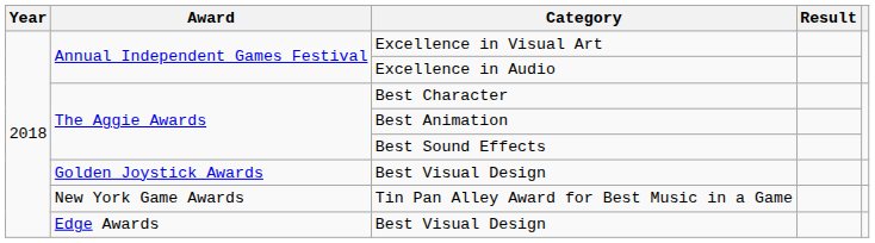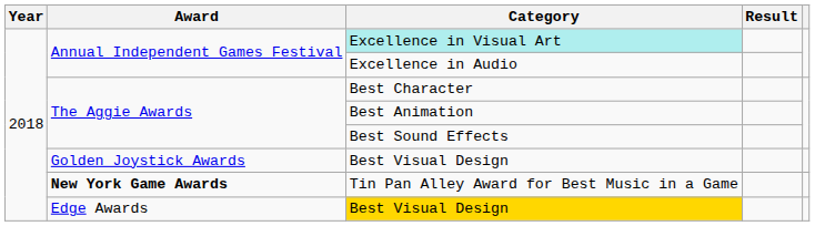 <table class="wikitable sortable">
 <tr>
 <th>Year</th>
 <th>Award</th>
 <th>Category</th>
 <th>Result</th>
 <th></th>
 </tr>
 <tr>
 <td style="text-align:center;"  rowspan="8">2018</td>
 <td rowspan="2"><a href='#'>Annual Independent Games Festival</a></td>
-<td>Excellence in Visual Art</td>
+<td style="background: paleturquoise;">Excellence in Visual Art</td>
 <td></td>
 <td style="text-align:center;" rowspan="2"></td>
 </tr>
 <tr>
 <td>Excellence in Audio</td>
 <td></td>
 </tr>
 <tr>
 <td rowspan="3"><a href='#'>The Aggie Awards</a></td>
 <td>Best Character</td>
 <td></td>
 <td style="text-align:center;" rowspan="3"></td>
 </tr>
 <tr>
 <td>Best Animation</td>
 <td></td>
 </tr>
 <tr>
 <td>Best Sound Effects</td>
 <td></td>
 </tr>
 <tr>
 <td><a href='#'>Golden Joystick Awards</a></td>
 <td>Best Visual Design</td>
 <td></td>
 <td style="text-align:center;"></td>
 </tr>
 <tr>
-<td>New York Game Awards</td>
+<td><strong>New York Game Awards</strong></td>
 <td>Tin Pan Alley Award for Best Music in a Game</td>
 <td></td>
 <td style="text-align:center;"></td>
 </tr>
 <tr>
 <td><a href='#'>Edge</a> Awards</td>
-<td>Best Visual Design</td>
+<td style="background: gold;">Best Visual Design</td>
 <td></td>
 <td style="text-align:center;"></td>
 </tr>
 </table>
